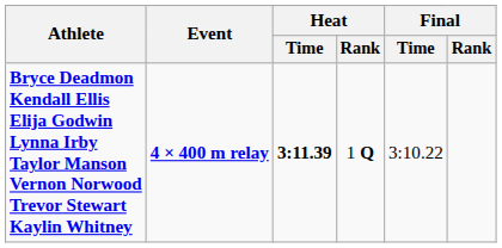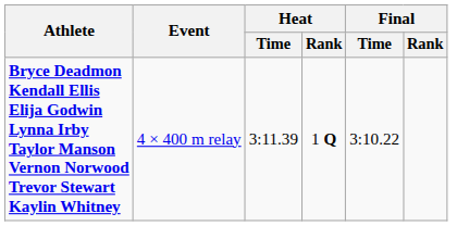 <table class=wikitable style=font-size:90%>
 <tr>
 <th rowspan=2>Athlete</th>
 <th rowspan=2>Event</th>
 <th colspan=2>Heat</th>
 <th colspan=2>Final</th>
 </tr>
 <tr style=font-size:95%>
 <th>Time</th>
 <th>Rank</th>
 <th>Time</th>
 <th>Rank</th>
 </tr>
 <tr align=center>
 <td align=left><strong><a href='#'>Bryce Deadmon</a><br><a href='#'>Kendall Ellis</a><br><a href='#'>Elija Godwin</a><br><a href='#'>Lynna Irby</a><br><a href='#'>Taylor Manson</a><br><a href='#'>Vernon Norwood</a><br><a href='#'>Trevor Stewart</a><br><a href='#'>Kaylin Whitney</a></strong></td>
-<td align=left><strong><a href='#'>4 × 400 m relay</a></strong></td>
-<td><strong>3:11.39</strong></td>
+<td align=left><a href='#'>4 × 400 m relay</a></td>
+<td>3:11.39</td>
 <td>1 <strong>Q</strong></td>
 <td>3:10.22</td>
 <td></td>
 </tr>
 </table>
